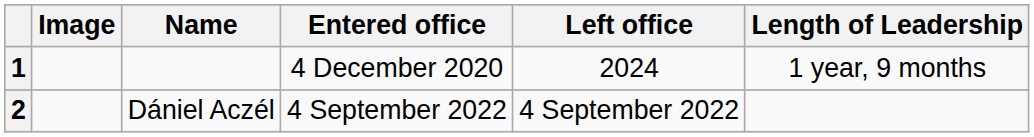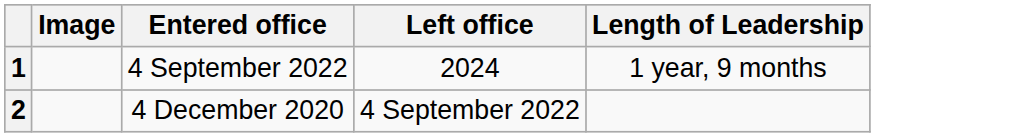 <table class="wikitable" style="text-align:center">
 <tr>
 <th></th>
 <th>Image</th>
-<th>Name</th>
 <th>Entered office</th>
 <th>Left office</th>
 <th>Length of Leadership</th>
 </tr>
 <tr>
 <th>1</th>
 <td></td>
-<td></td>
-<td>4 December 2020</td>
+<td>4 September 2022</td>
 <td>2024</td>
 <td>1 year, 9 months</td>
 </tr>
 <tr>
 <th>2</th>
 <td></td>
-<td>Dániel Aczél</td>
-<td>4 September 2022</td>
+<td>4 December 2020</td>
 <td>4 September 2022</td>
 <td></td>
 </tr>
 </table>
